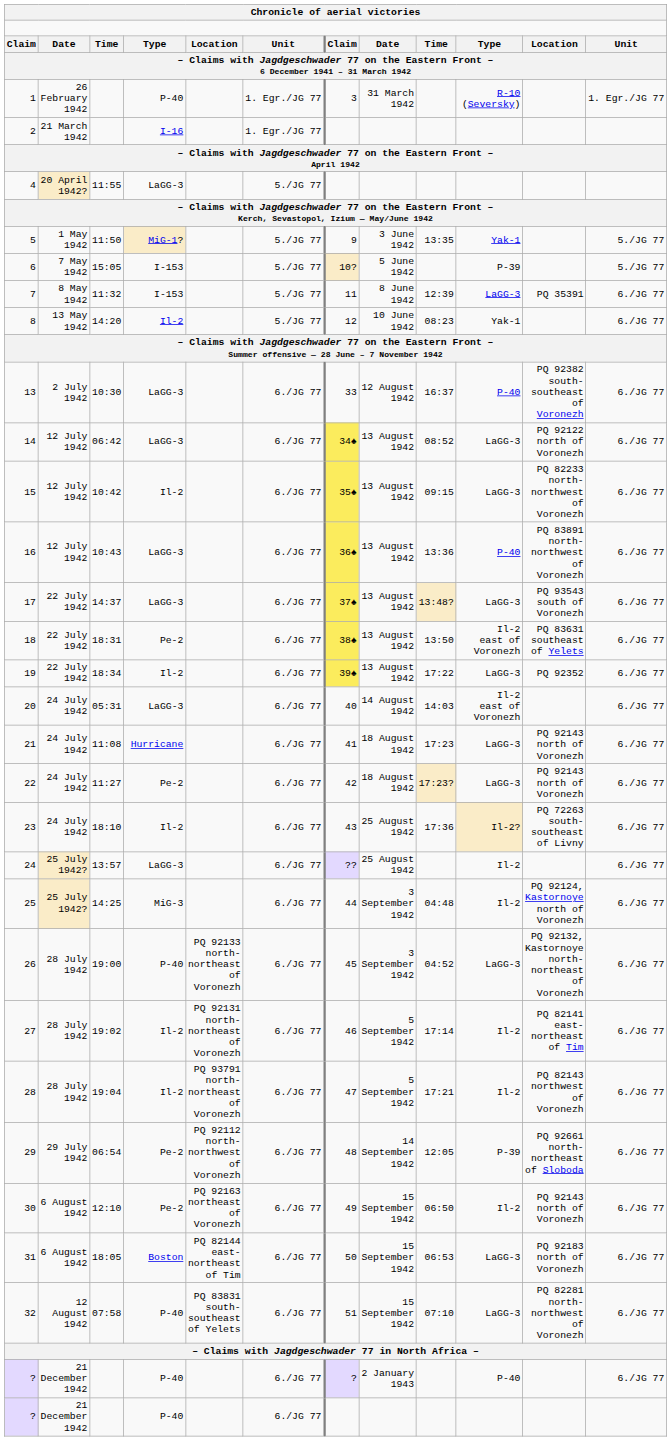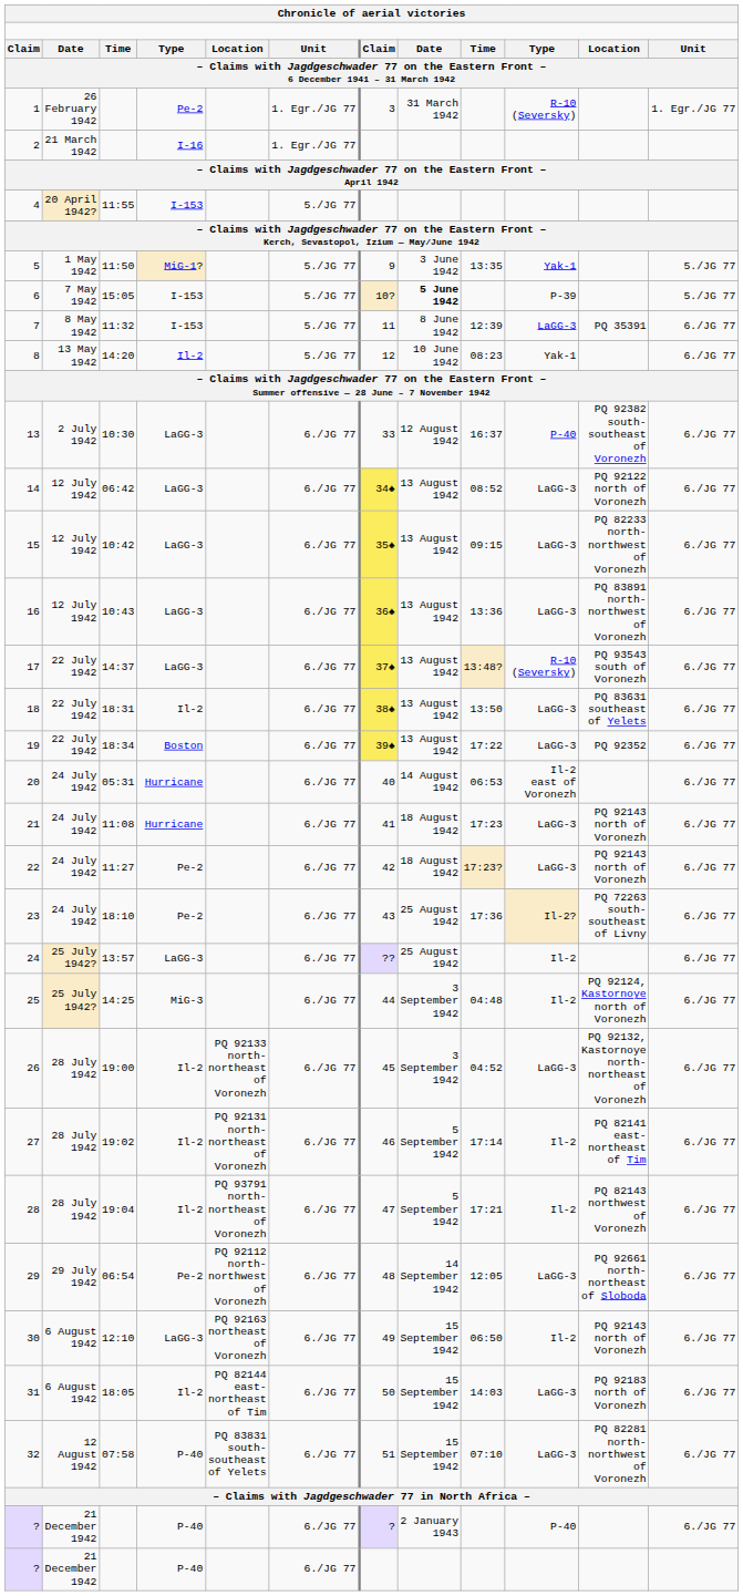 <table class="wikitable plainrowheaders collapsible" style="margin-left: auto; margin-right: auto; border: none; text-align:right; width: 100%;">
 <tr>
 <th colspan="12">Chronicle of aerial victories</th>
 </tr>
 <tr>
 <td colspan="12" style="text-align: left;"><br>  </td>
 </tr>
 <tr>
 <th scope="col">Claim</th>
 <th scope="col">Date</th>
 <th scope="col">Time</th>
 <th scope="col" width="100px">Type</th>
 <th scope="col">Location</th>
 <th scope="col">Unit</th>
 <th scope="col" style="border-left: 3px solid grey;">Claim</th>
 <th scope="col">Date</th>
 <th scope="col">Time</th>
 <th scope="col" width="100px">Type</th>
 <th scope="col">Location</th>
 <th scope="col">Unit</th>
 </tr>
 <tr>
 <th colspan="12">– Claims with <em>Jagdgeschwader</em> 77 on the Eastern Front –<br><small>6 December 1941 – 31 March 1942</small></th>
 </tr>
 <tr>
 <td>1</td>
 <td>26 February 1942</td>
 <td></td>
-<td>P-40</td>
+<td><a href='#'>Pe-2</a></td>
 <td></td>
 <td>1. Egr./JG 77</td>
 <td style="border-left: 3px solid grey;">3</td>
 <td>31 March 1942</td>
 <td></td>
 <td><a href='#'>R-10</a> (<a href='#'>Seversky</a>)</td>
 <td></td>
 <td>1. Egr./JG 77</td>
 </tr>
 <tr>
 <td>2</td>
 <td>21 March 1942</td>
 <td></td>
 <td><a href='#'>I-16</a></td>
 <td></td>
 <td>1. Egr./JG 77</td>
 <td style="border-left: 3px solid grey;"></td>
 <td></td>
 <td></td>
 <td></td>
 <td></td>
 <td></td>
 </tr>
 <tr>
 <th colspan="12">– Claims with <em>Jagdgeschwader</em> 77 on the Eastern Front –<br><small>April 1942</small></th>
 </tr>
 <tr>
 <td>4</td>
 <td style="background:#faecc8">20 April 1942?</td>
 <td>11:55</td>
-<td>LaGG-3</td>
+<td><a href='#'>I-153</a></td>
 <td></td>
 <td>5./JG 77</td>
 <td style="border-left: 3px solid grey;"></td>
 <td></td>
 <td></td>
 <td></td>
 <td></td>
 <td></td>
 </tr>
 <tr>
 <th colspan="12">– Claims with <em>Jagdgeschwader</em> 77 on the Eastern Front –<br><small>Kerch, Sevastopol, Izium — May/June 1942</small></th>
 </tr>
 <tr>
 <td>5</td>
 <td>1 May 1942</td>
 <td>11:50</td>
 <td style="background:#faecc8"><a href='#'>MiG-1</a>?</td>
 <td></td>
 <td>5./JG 77</td>
 <td style="border-left: 3px solid grey;">9</td>
 <td>3 June 1942</td>
 <td>13:35</td>
 <td><a href='#'>Yak-1</a></td>
 <td></td>
 <td>5./JG 77</td>
 </tr>
 <tr>
 <td>6</td>
 <td>7 May 1942</td>
 <td>15:05</td>
 <td>I-153</td>
 <td></td>
 <td>5./JG 77</td>
 <td style="border-left: 3px solid grey; background:#faecc8">10?</td>
-<td>5 June 1942</td>
+<td><strong>5 June 1942</strong></td>
 <td></td>
 <td>P-39</td>
 <td></td>
 <td>5./JG 77</td>
 </tr>
 <tr>
 <td>7</td>
 <td>8 May 1942</td>
 <td>11:32</td>
 <td>I-153</td>
 <td></td>
 <td>5./JG 77</td>
 <td style="border-left: 3px solid grey;">11</td>
 <td>8 June 1942</td>
 <td>12:39</td>
 <td><a href='#'>LaGG-3</a></td>
 <td>PQ 35391</td>
 <td>6./JG 77</td>
 </tr>
 <tr>
 <td>8</td>
 <td>13 May 1942</td>
 <td>14:20</td>
 <td><a href='#'>Il-2</a></td>
 <td></td>
 <td>5./JG 77</td>
 <td style="border-left: 3px solid grey;">12</td>
 <td>10 June 1942</td>
 <td>08:23</td>
 <td>Yak-1</td>
 <td></td>
 <td>6./JG 77</td>
 </tr>
 <tr>
 <th colspan="12">– Claims with <em>Jagdgeschwader</em> 77 on the Eastern Front –<br><small>Summer offensive — 28 June – 7 November 1942</small></th>
 </tr>
 <tr>
 <td>13</td>
 <td>2 July 1942</td>
 <td>10:30</td>
 <td>LaGG-3</td>
 <td></td>
 <td>6./JG 77</td>
 <td style="border-left: 3px solid grey;">33</td>
 <td>12 August 1942</td>
 <td>16:37</td>
 <td><a href='#'>P-40</a></td>
 <td>PQ 92382<br> south-southeast of <a href='#'>Voronezh</a></td>
 <td>6./JG 77</td>
 </tr>
 <tr>
 <td>14</td>
 <td>12 July 1942</td>
 <td>06:42</td>
 <td>LaGG-3</td>
 <td></td>
 <td>6./JG 77</td>
 <td style="border-left: 3px solid grey; background:#fbec5d;">34♠</td>
 <td>13 August 1942</td>
 <td>08:52</td>
 <td>LaGG-3</td>
 <td>PQ 92122<br> north of Voronezh</td>
 <td>6./JG 77</td>
 </tr>
 <tr>
 <td>15</td>
 <td>12 July 1942</td>
 <td>10:42</td>
-<td>Il-2</td>
+<td>LaGG-3</td>
 <td></td>
 <td>6./JG 77</td>
 <td style="border-left: 3px solid grey; background:#fbec5d;">35♠</td>
 <td>13 August 1942</td>
 <td>09:15</td>
 <td>LaGG-3</td>
 <td>PQ 82233<br> north-northwest of Voronezh</td>
 <td>6./JG 77</td>
 </tr>
 <tr>
 <td>16</td>
 <td>12 July 1942</td>
 <td>10:43</td>
 <td>LaGG-3</td>
 <td></td>
 <td>6./JG 77</td>
 <td style="border-left: 3px solid grey; background:#fbec5d;">36♠</td>
 <td>13 August 1942</td>
 <td>13:36</td>
-<td><a href='#'>P-40</a></td>
+<td>LaGG-3</td>
 <td>PQ 83891<br> north-northwest of Voronezh</td>
 <td>6./JG 77</td>
 </tr>
 <tr>
 <td>17</td>
 <td>22 July 1942</td>
 <td>14:37</td>
 <td>LaGG-3</td>
 <td></td>
 <td>6./JG 77</td>
 <td style="border-left: 3px solid grey; background:#fbec5d;">37♠</td>
 <td>13 August 1942</td>
 <td style="background:#faecc8">13:48?</td>
-<td>LaGG-3</td>
+<td><a href='#'>R-10</a> (<a href='#'>Seversky</a>)</td>
 <td>PQ 93543<br> south of Voronezh</td>
 <td>6./JG 77</td>
 </tr>
 <tr>
 <td>18</td>
 <td>22 July 1942</td>
 <td>18:31</td>
-<td>Pe-2</td>
+<td>Il-2</td>
 <td></td>
 <td>6./JG 77</td>
 <td style="border-left: 3px solid grey; background:#fbec5d;">38♠</td>
 <td>13 August 1942</td>
 <td>13:50</td>
-<td>Il-2<br> east of Voronezh</td>
+<td>LaGG-3</td>
 <td>PQ 83631<br> southeast of <a href='#'>Yelets</a></td>
 <td>6./JG 77</td>
 </tr>
 <tr>
 <td>19</td>
 <td>22 July 1942</td>
 <td>18:34</td>
-<td>Il-2</td>
+<td><a href='#'>Boston</a></td>
 <td></td>
 <td>6./JG 77</td>
 <td style="border-left: 3px solid grey; background:#fbec5d;">39♠</td>
 <td>13 August 1942</td>
 <td>17:22</td>
 <td>LaGG-3</td>
 <td>PQ 92352</td>
 <td>6./JG 77</td>
 </tr>
 <tr>
 <td>20</td>
 <td>24 July 1942</td>
 <td>05:31</td>
-<td>LaGG-3</td>
+<td><a href='#'>Hurricane</a></td>
 <td></td>
 <td>6./JG 77</td>
 <td style="border-left: 3px solid grey;">40</td>
 <td>14 August 1942</td>
-<td>14:03</td>
+<td>06:53</td>
 <td>Il-2<br> east of Voronezh</td>
 <td></td>
 <td>6./JG 77</td>
 </tr>
 <tr>
 <td>21</td>
 <td>24 July 1942</td>
 <td>11:08</td>
 <td><a href='#'>Hurricane</a></td>
 <td></td>
 <td>6./JG 77</td>
 <td style="border-left: 3px solid grey;">41</td>
 <td>18 August 1942</td>
 <td>17:23</td>
 <td>LaGG-3</td>
 <td>PQ 92143<br> north of Voronezh</td>
 <td>6./JG 77</td>
 </tr>
 <tr>
 <td>22</td>
 <td>24 July 1942</td>
 <td>11:27</td>
 <td>Pe-2</td>
 <td></td>
 <td>6./JG 77</td>
 <td style="border-left: 3px solid grey;">42</td>
 <td>18 August 1942</td>
 <td style="background:#faecc8">17:23?</td>
 <td>LaGG-3</td>
 <td>PQ 92143<br> north of Voronezh</td>
 <td>6./JG 77</td>
 </tr>
 <tr>
 <td>23</td>
 <td>24 July 1942</td>
 <td>18:10</td>
-<td>Il-2</td>
+<td>Pe-2</td>
 <td></td>
 <td>6./JG 77</td>
 <td style="border-left: 3px solid grey;">43</td>
 <td>25 August 1942</td>
 <td>17:36</td>
 <td style="background:#faecc8">Il-2?</td>
 <td>PQ 72263<br> south-southeast of Livny</td>
 <td>6./JG 77</td>
 </tr>
 <tr>
 <td>24</td>
 <td style="background:#faecc8">25 July 1942?</td>
 <td>13:57</td>
 <td>LaGG-3</td>
 <td></td>
 <td>6./JG 77</td>
 <td style="border-left: 3px solid grey; background:#e3d9ff;">??</td>
 <td>25 August 1942</td>
 <td></td>
 <td>Il-2</td>
 <td></td>
 <td>6./JG 77</td>
 </tr>
 <tr>
 <td>25</td>
 <td style="background:#faecc8">25 July 1942?</td>
 <td>14:25</td>
 <td>MiG-3</td>
 <td></td>
 <td>6./JG 77</td>
 <td style="border-left: 3px solid grey;">44</td>
 <td>3 September 1942</td>
 <td>04:48</td>
 <td>Il-2</td>
 <td>PQ 92124, <a href='#'>Kastornoye</a><br> north of Voronezh</td>
 <td>6./JG 77</td>
 </tr>
 <tr>
 <td>26</td>
 <td>28 July 1942</td>
 <td>19:00</td>
-<td>P-40</td>
+<td>Il-2</td>
 <td>PQ 92133<br> north-northeast of Voronezh</td>
 <td>6./JG 77</td>
 <td style="border-left: 3px solid grey;">45</td>
 <td>3 September 1942</td>
 <td>04:52</td>
 <td>LaGG-3</td>
 <td>PQ 92132, Kastornoye<br> north-northeast of Voronezh</td>
 <td>6./JG 77</td>
 </tr>
 <tr>
 <td>27</td>
 <td>28 July 1942</td>
 <td>19:02</td>
 <td>Il-2</td>
 <td>PQ 92131<br> north-northeast of Voronezh</td>
 <td>6./JG 77</td>
 <td style="border-left: 3px solid grey;">46</td>
 <td>5 September 1942</td>
 <td>17:14</td>
 <td>Il-2</td>
 <td>PQ 82141<br> east-northeast of <a href='#'>Tim</a></td>
 <td>6./JG 77</td>
 </tr>
 <tr>
 <td>28</td>
 <td>28 July 1942</td>
 <td>19:04</td>
 <td>Il-2</td>
 <td>PQ 93791<br> north-northeast of Voronezh</td>
 <td>6./JG 77</td>
 <td style="border-left: 3px solid grey;">47</td>
 <td>5 September 1942</td>
 <td>17:21</td>
 <td>Il-2</td>
 <td>PQ 82143<br> northwest of Voronezh</td>
 <td>6./JG 77</td>
 </tr>
 <tr>
 <td>29</td>
 <td>29 July 1942</td>
 <td>06:54</td>
 <td>Pe-2</td>
 <td>PQ 92112<br> north-northwest of Voronezh</td>
 <td>6./JG 77</td>
 <td style="border-left: 3px solid grey;">48</td>
 <td>14 September 1942</td>
 <td>12:05</td>
-<td>P-39</td>
+<td>LaGG-3</td>
 <td>PQ 92661<br> north-northeast of <a href='#'>Sloboda</a></td>
 <td>6./JG 77</td>
 </tr>
 <tr>
 <td>30</td>
 <td>6 August 1942</td>
 <td>12:10</td>
-<td>Pe-2</td>
+<td>LaGG-3</td>
 <td>PQ 92163<br> northeast of Voronezh</td>
 <td>6./JG 77</td>
 <td style="border-left: 3px solid grey;">49</td>
 <td>15 September 1942</td>
 <td>06:50</td>
 <td>Il-2</td>
 <td>PQ 92143<br> north of Voronezh</td>
 <td>6./JG 77</td>
 </tr>
 <tr>
 <td>31</td>
 <td>6 August 1942</td>
 <td>18:05</td>
-<td><a href='#'>Boston</a></td>
+<td>Il-2</td>
 <td>PQ 82144<br> east-northeast of Tim</td>
 <td>6./JG 77</td>
 <td style="border-left: 3px solid grey;">50</td>
 <td>15 September 1942</td>
-<td>06:53</td>
+<td>14:03</td>
 <td>LaGG-3</td>
 <td>PQ 92183<br> north of Voronezh</td>
 <td>6./JG 77</td>
 </tr>
 <tr>
 <td>32</td>
 <td>12 August 1942</td>
 <td>07:58</td>
 <td>P-40</td>
 <td>PQ 83831<br> south-southeast of Yelets</td>
 <td>6./JG 77</td>
 <td style="border-left: 3px solid grey;">51</td>
 <td>15 September 1942</td>
 <td>07:10</td>
 <td>LaGG-3</td>
 <td>PQ 82281<br> north-northwest of Voronezh</td>
 <td>6./JG 77</td>
 </tr>
 <tr>
 <th colspan="12">– Claims with <em>Jagdgeschwader</em> 77 in North Africa –</th>
 </tr>
 <tr>
 <td style="background:#e3d9ff;">?</td>
 <td>21 December 1942</td>
 <td></td>
 <td>P-40</td>
 <td></td>
 <td>6./JG 77</td>
 <td style="border-left: 3px solid grey; background:#e3d9ff;">?</td>
 <td>2 January 1943</td>
 <td></td>
 <td>P-40</td>
 <td></td>
 <td>6./JG 77</td>
 </tr>
 <tr>
 <td style="background:#e3d9ff;">?</td>
 <td>21 December 1942</td>
 <td></td>
 <td>P-40</td>
 <td></td>
 <td>6./JG 77</td>
 <td style="border-left: 3px solid grey;"></td>
 <td></td>
 <td></td>
 <td></td>
 <td></td>
 <td></td>
 </tr>
 </table>
